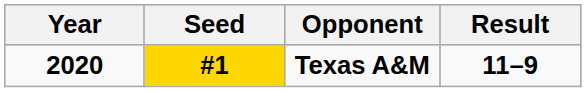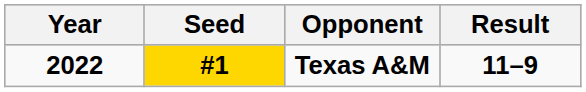 <table class="wikitable"; style= "text-align:center">
 <tr>
 <th width=80px>Year</th>
 <th width=80px>Seed</th>
 <th width=90px>Opponent</th>
 <th width=80px>Result</th>
 </tr>
 <tr>
-<td><strong>2020</strong></td>
+<td><strong>2022</strong></td>
 <td style="background: gold;"><strong>#1</strong></td>
 <td><strong>Texas A&M</strong></td>
 <td><strong>11–9</strong></td>
 </tr>
 </table>
